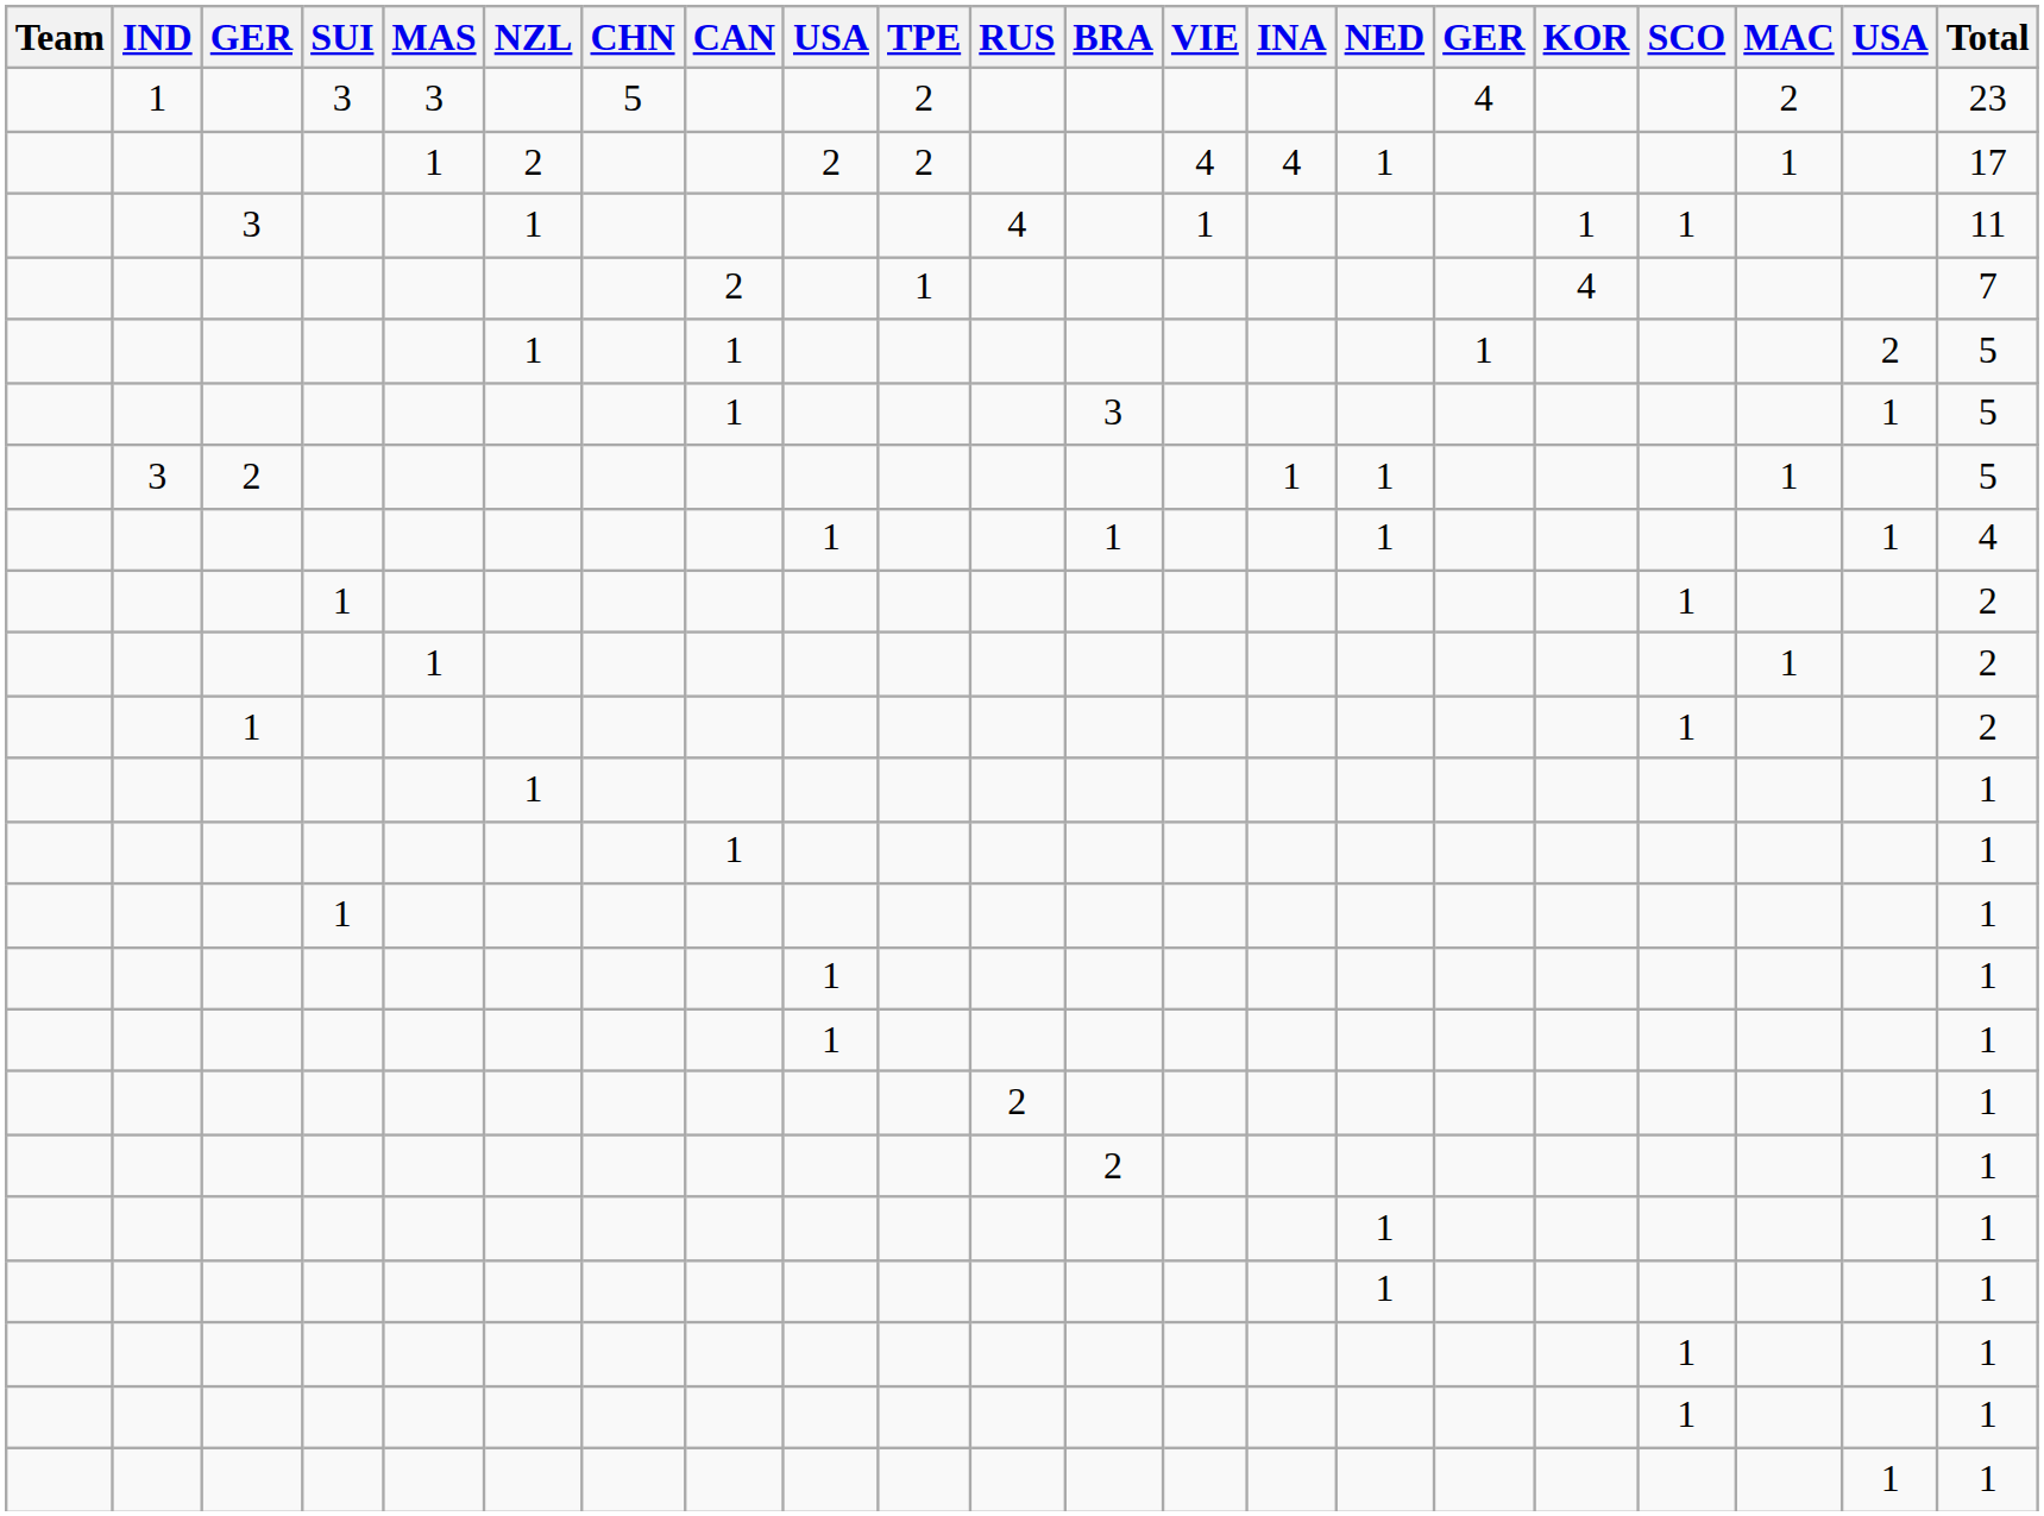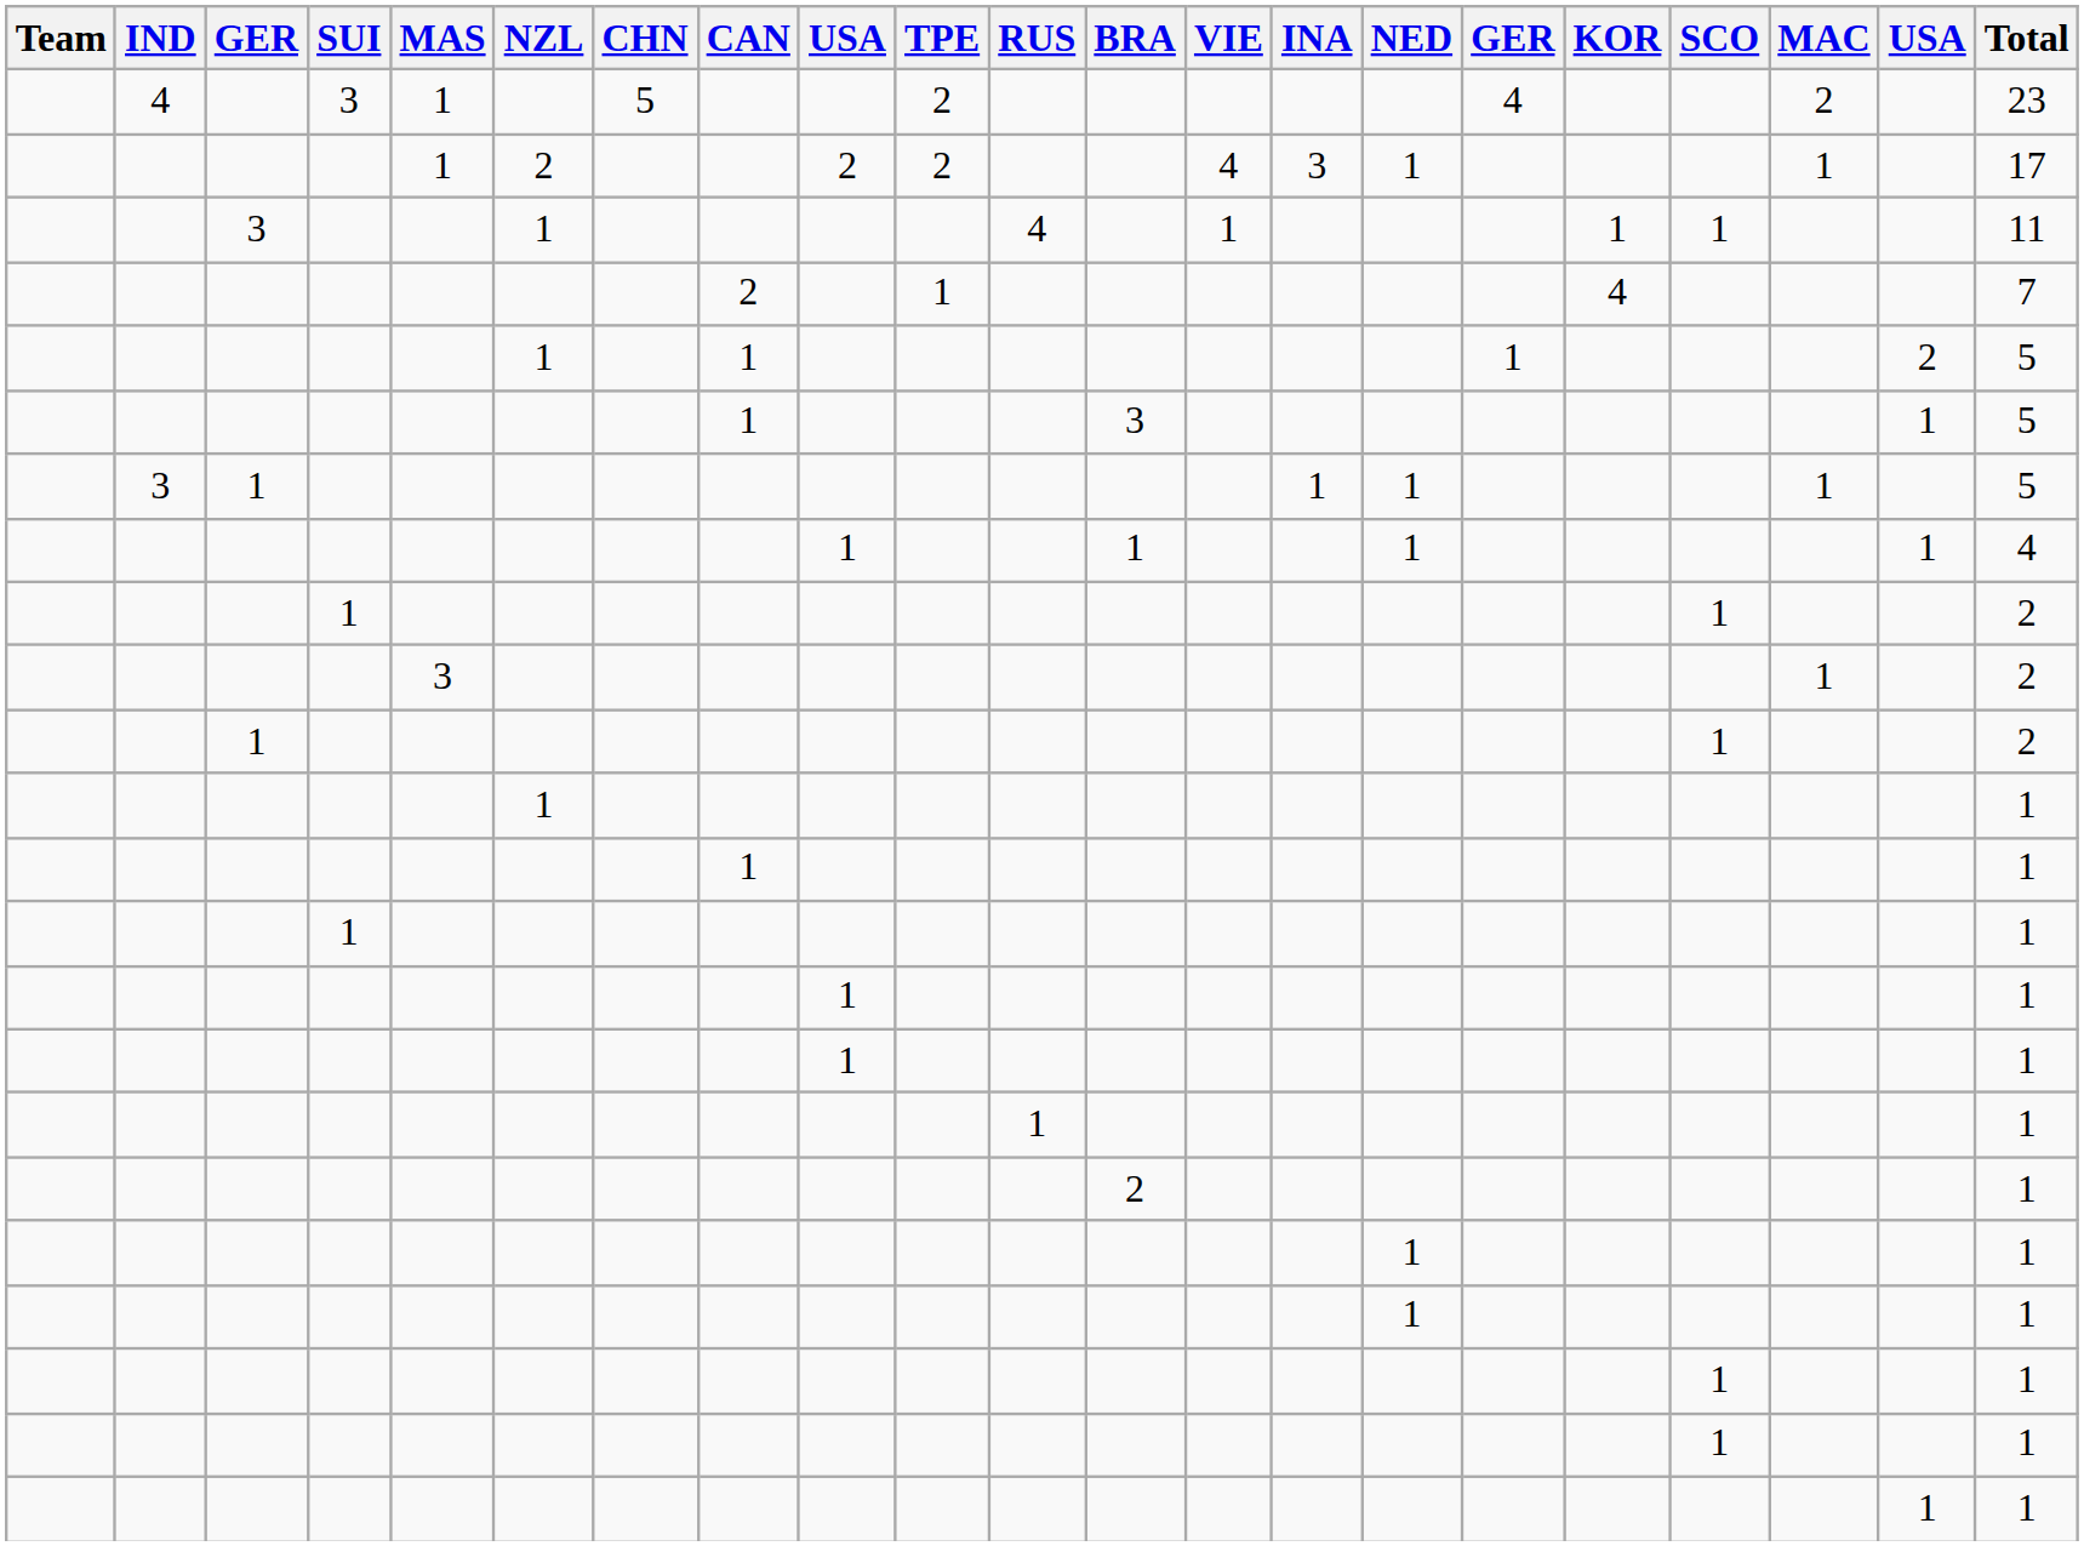 <table class=wikitable style="font-size:85%; text-align:center">
 <tr>
 <th>Team</th>
 <th><a href='#'>IND</a></th>
 <th><a href='#'>GER</a></th>
 <th><a href='#'>SUI</a></th>
 <th><a href='#'>MAS</a></th>
 <th><a href='#'>NZL</a></th>
 <th><a href='#'>CHN</a></th>
 <th><a href='#'>CAN</a></th>
 <th><a href='#'>USA</a></th>
 <th><a href='#'>TPE</a></th>
 <th><a href='#'>RUS</a></th>
 <th><a href='#'>BRA</a></th>
 <th><a href='#'>VIE</a></th>
 <th><a href='#'>INA</a></th>
 <th><a href='#'>NED</a></th>
 <th><a href='#'>GER</a></th>
 <th><a href='#'>KOR</a></th>
 <th><a href='#'>SCO</a></th>
 <th><a href='#'>MAC</a></th>
 <th><a href='#'>USA</a></th>
 <th>Total</th>
 </tr>
 <tr>
 <td align=left></td>
-<td>1</td>
+<td>4</td>
 <td></td>
 <td>3</td>
-<td>3</td>
+<td>1</td>
 <td></td>
 <td>5</td>
 <td></td>
 <td></td>
 <td>2</td>
 <td></td>
 <td></td>
 <td></td>
 <td></td>
 <td></td>
 <td>4</td>
 <td></td>
 <td></td>
 <td>2</td>
 <td></td>
 <td>23</td>
 </tr>
 <tr>
 <td align=left></td>
 <td></td>
 <td></td>
 <td></td>
 <td>1</td>
 <td>2</td>
 <td></td>
 <td></td>
 <td>2</td>
 <td>2</td>
 <td></td>
 <td></td>
 <td>4</td>
-<td>4</td>
+<td>3</td>
 <td>1</td>
 <td></td>
 <td></td>
 <td></td>
 <td>1</td>
 <td></td>
 <td>17</td>
 </tr>
 <tr>
 <td align=left></td>
 <td></td>
 <td>3</td>
 <td></td>
 <td></td>
 <td>1</td>
 <td></td>
 <td></td>
 <td></td>
 <td></td>
 <td>4</td>
 <td></td>
 <td>1</td>
 <td></td>
 <td></td>
 <td></td>
 <td>1</td>
 <td>1</td>
 <td></td>
 <td></td>
 <td>11</td>
 </tr>
 <tr>
 <td align=left></td>
 <td></td>
 <td></td>
 <td></td>
 <td></td>
 <td></td>
 <td></td>
 <td>2</td>
 <td></td>
 <td>1</td>
 <td></td>
 <td></td>
 <td></td>
 <td></td>
 <td></td>
 <td></td>
 <td>4</td>
 <td></td>
 <td></td>
 <td></td>
 <td>7</td>
 </tr>
 <tr>
 <td align=left></td>
 <td></td>
 <td></td>
 <td></td>
 <td></td>
 <td>1</td>
 <td></td>
 <td>1</td>
 <td></td>
 <td></td>
 <td></td>
 <td></td>
 <td></td>
 <td></td>
 <td></td>
 <td>1</td>
 <td></td>
 <td></td>
 <td></td>
 <td>2</td>
 <td>5</td>
 </tr>
 <tr>
 <td align=left></td>
 <td></td>
 <td></td>
 <td></td>
 <td></td>
 <td></td>
 <td></td>
 <td>1</td>
 <td></td>
 <td></td>
 <td></td>
 <td>3</td>
 <td></td>
 <td></td>
 <td></td>
 <td></td>
 <td></td>
 <td></td>
 <td></td>
 <td>1</td>
 <td>5</td>
 </tr>
 <tr>
 <td align=left></td>
 <td>3</td>
-<td>2</td>
+<td>1</td>
 <td></td>
 <td></td>
 <td></td>
 <td></td>
 <td></td>
 <td></td>
 <td></td>
 <td></td>
 <td></td>
 <td></td>
 <td>1</td>
 <td>1</td>
 <td></td>
 <td></td>
 <td></td>
 <td>1</td>
 <td></td>
 <td>5</td>
 </tr>
 <tr>
 <td align=left></td>
 <td></td>
 <td></td>
 <td></td>
 <td></td>
 <td></td>
 <td></td>
 <td></td>
 <td>1</td>
 <td></td>
 <td></td>
 <td>1</td>
 <td></td>
 <td></td>
 <td>1</td>
 <td></td>
 <td></td>
 <td></td>
 <td></td>
 <td>1</td>
 <td>4</td>
 </tr>
 <tr>
 <td align=left></td>
 <td></td>
 <td></td>
 <td>1</td>
 <td></td>
 <td></td>
 <td></td>
 <td></td>
 <td></td>
 <td></td>
 <td></td>
 <td></td>
 <td></td>
 <td></td>
 <td></td>
 <td></td>
 <td></td>
 <td>1</td>
 <td></td>
 <td></td>
 <td>2</td>
 </tr>
 <tr>
 <td align=left></td>
 <td></td>
 <td></td>
 <td></td>
-<td>1</td>
+<td>3</td>
 <td></td>
 <td></td>
 <td></td>
 <td></td>
 <td></td>
 <td></td>
 <td></td>
 <td></td>
 <td></td>
 <td></td>
 <td></td>
 <td></td>
 <td></td>
 <td>1</td>
 <td></td>
 <td>2</td>
 </tr>
 <tr>
 <td align=left></td>
 <td></td>
 <td>1</td>
 <td></td>
 <td></td>
 <td></td>
 <td></td>
 <td></td>
 <td></td>
 <td></td>
 <td></td>
 <td></td>
 <td></td>
 <td></td>
 <td></td>
 <td></td>
 <td></td>
 <td>1</td>
 <td></td>
 <td></td>
 <td>2</td>
 </tr>
 <tr>
 <td align=left></td>
 <td></td>
 <td></td>
 <td></td>
 <td></td>
 <td>1</td>
 <td></td>
 <td></td>
 <td></td>
 <td></td>
 <td></td>
 <td></td>
 <td></td>
 <td></td>
 <td></td>
 <td></td>
 <td></td>
 <td></td>
 <td></td>
 <td></td>
 <td>1</td>
 </tr>
 <tr>
 <td align=left></td>
 <td></td>
 <td></td>
 <td></td>
 <td></td>
 <td></td>
 <td></td>
 <td>1</td>
 <td></td>
 <td></td>
 <td></td>
 <td></td>
 <td></td>
 <td></td>
 <td></td>
 <td></td>
 <td></td>
 <td></td>
 <td></td>
 <td></td>
 <td>1</td>
 </tr>
 <tr>
 <td align=left></td>
 <td></td>
 <td></td>
 <td>1</td>
 <td></td>
 <td></td>
 <td></td>
 <td></td>
 <td></td>
 <td></td>
 <td></td>
 <td></td>
 <td></td>
 <td></td>
 <td></td>
 <td></td>
 <td></td>
 <td></td>
 <td></td>
 <td></td>
 <td>1</td>
 </tr>
 <tr>
 <td align=left></td>
 <td></td>
 <td></td>
 <td></td>
 <td></td>
 <td></td>
 <td></td>
 <td></td>
 <td>1</td>
 <td></td>
 <td></td>
 <td></td>
 <td></td>
 <td></td>
 <td></td>
 <td></td>
 <td></td>
 <td></td>
 <td></td>
 <td></td>
 <td>1</td>
 </tr>
 <tr>
 <td align=left></td>
 <td></td>
 <td></td>
 <td></td>
 <td></td>
 <td></td>
 <td></td>
 <td></td>
 <td>1</td>
 <td></td>
 <td></td>
 <td></td>
 <td></td>
 <td></td>
 <td></td>
 <td></td>
 <td></td>
 <td></td>
 <td></td>
 <td></td>
 <td>1</td>
 </tr>
 <tr>
 <td align=left></td>
 <td></td>
 <td></td>
 <td></td>
 <td></td>
 <td></td>
 <td></td>
 <td></td>
 <td></td>
 <td></td>
-<td>2</td>
+<td>1</td>
 <td></td>
 <td></td>
 <td></td>
 <td></td>
 <td></td>
 <td></td>
 <td></td>
 <td></td>
 <td></td>
 <td>1</td>
 </tr>
 <tr>
 <td align=left></td>
 <td></td>
 <td></td>
 <td></td>
 <td></td>
 <td></td>
 <td></td>
 <td></td>
 <td></td>
 <td></td>
 <td></td>
 <td>2</td>
 <td></td>
 <td></td>
 <td></td>
 <td></td>
 <td></td>
 <td></td>
 <td></td>
 <td></td>
 <td>1</td>
 </tr>
 <tr>
 <td align=left></td>
 <td></td>
 <td></td>
 <td></td>
 <td></td>
 <td></td>
 <td></td>
 <td></td>
 <td></td>
 <td></td>
 <td></td>
 <td></td>
 <td></td>
 <td></td>
 <td>1</td>
 <td></td>
 <td></td>
 <td></td>
 <td></td>
 <td></td>
 <td>1</td>
 </tr>
 <tr>
 <td align=left></td>
 <td></td>
 <td></td>
 <td></td>
 <td></td>
 <td></td>
 <td></td>
 <td></td>
 <td></td>
 <td></td>
 <td></td>
 <td></td>
 <td></td>
 <td></td>
 <td>1</td>
 <td></td>
 <td></td>
 <td></td>
 <td></td>
 <td></td>
 <td>1</td>
 </tr>
 <tr>
 <td align=left></td>
 <td></td>
 <td></td>
 <td></td>
 <td></td>
 <td></td>
 <td></td>
 <td></td>
 <td></td>
 <td></td>
 <td></td>
 <td></td>
 <td></td>
 <td></td>
 <td></td>
 <td></td>
 <td></td>
 <td>1</td>
 <td></td>
 <td></td>
 <td>1</td>
 </tr>
 <tr>
 <td align=left></td>
 <td></td>
 <td></td>
 <td></td>
 <td></td>
 <td></td>
 <td></td>
 <td></td>
 <td></td>
 <td></td>
 <td></td>
 <td></td>
 <td></td>
 <td></td>
 <td></td>
 <td></td>
 <td></td>
 <td>1</td>
 <td></td>
 <td></td>
 <td>1</td>
 </tr>
 <tr>
 <td align=left></td>
 <td></td>
 <td></td>
 <td></td>
 <td></td>
 <td></td>
 <td></td>
 <td></td>
 <td></td>
 <td></td>
 <td></td>
 <td></td>
 <td></td>
 <td></td>
 <td></td>
 <td></td>
 <td></td>
 <td></td>
 <td></td>
 <td>1</td>
 <td>1</td>
 </tr>
 </table>
